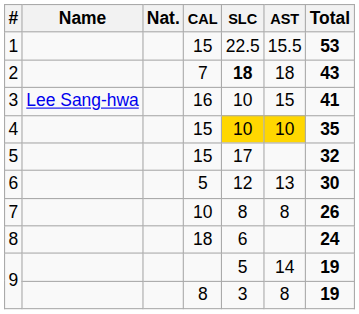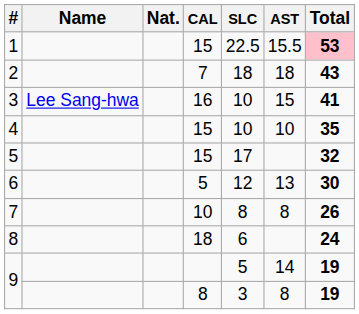 <table class="wikitable sortable" style="text-align:center;">
 <tr>
 <th>#</th>
 <th>Name</th>
 <th>Nat.</th>
 <th><small>CAL</small></th>
 <th><small>SLC</small></th>
 <th><small>AST</small></th>
 <th>Total</th>
 </tr>
 <tr>
 <td>1</td>
 <td align=left></td>
 <td></td>
 <td>15</td>
 <td>22.5</td>
 <td>15.5</td>
-<td><strong>53</strong></td>
+<td style="background: pink;"><strong>53</strong></td>
 </tr>
 <tr>
 <td>2</td>
 <td align=left></td>
 <td></td>
 <td>7</td>
-<td><strong>18</strong></td>
+<td>18</td>
 <td>18</td>
 <td><strong>43</strong></td>
 </tr>
 <tr>
 <td>3</td>
 <td align=left><a href='#'>Lee Sang-hwa</a></td>
 <td></td>
 <td>16</td>
 <td>10</td>
 <td>15</td>
 <td><strong>41</strong></td>
 </tr>
 <tr>
 <td>4</td>
 <td align=left></td>
 <td></td>
 <td>15</td>
-<td style="background: gold;">10</td>
-<td style="background: gold;">10</td>
+<td>10</td>
+<td>10</td>
 <td><strong>35</strong></td>
 </tr>
 <tr>
 <td>5</td>
 <td align=left></td>
 <td></td>
 <td>15</td>
 <td>17</td>
 <td></td>
 <td><strong>32</strong></td>
 </tr>
 <tr>
 <td>6</td>
 <td align=left></td>
 <td></td>
 <td>5</td>
 <td>12</td>
 <td>13</td>
 <td><strong>30</strong></td>
 </tr>
 <tr>
 <td>7</td>
 <td align=left></td>
 <td></td>
 <td>10</td>
 <td>8</td>
 <td>8</td>
 <td><strong>26</strong></td>
 </tr>
 <tr>
 <td>8</td>
 <td align=left></td>
 <td></td>
 <td>18</td>
 <td>6</td>
 <td></td>
 <td><strong>24</strong></td>
 </tr>
 <tr>
 <td rowspan=2>9</td>
 <td align=left></td>
 <td></td>
 <td></td>
 <td>5</td>
 <td>14</td>
 <td><strong>19</strong></td>
 </tr>
 <tr>
 <td align=left></td>
 <td></td>
 <td>8</td>
 <td>3</td>
 <td>8</td>
 <td><strong>19</strong></td>
 </tr>
 </table>
